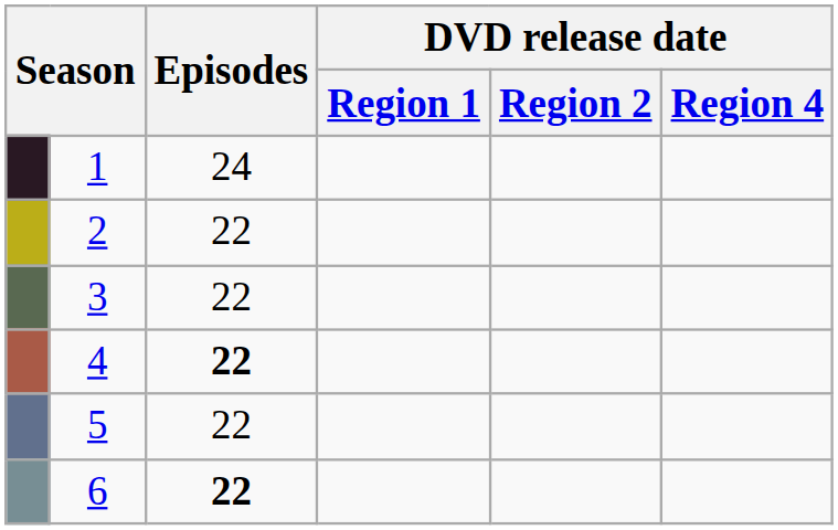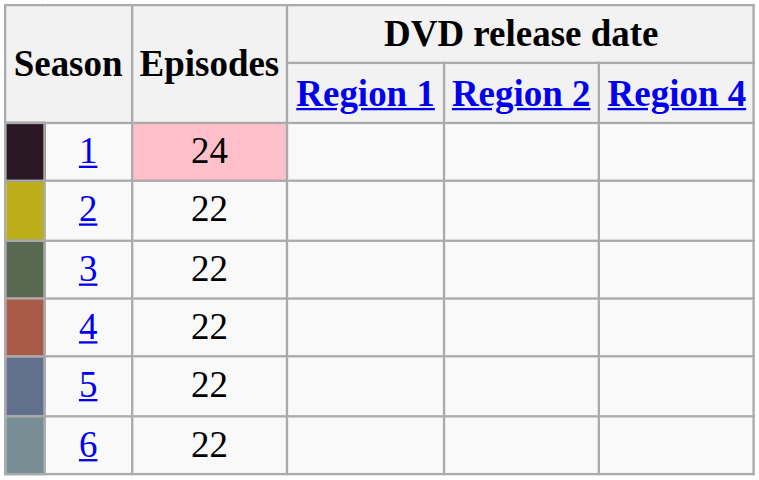 <table class="wikitable" style="text-align: center">
 <tr>
 <th colspan="2" rowspan="2">Season</th>
 <th rowspan="2">Episodes</th>
 <th colspan="4">DVD release date</th>
 </tr>
 <tr>
 <th><a href='#'>Region 1</a></th>
 <th><a href='#'>Region 2</a></th>
 <th><a href='#'>Region 4</a></th>
 </tr>
 <tr>
 <td style="width:10px; background-color:#291823"></td>
 <td><a href='#'>1</a></td>
-<td>24</td>
+<td style="background: pink;">24</td>
 <td><br> </td>
 <td></td>
 <td> <br> </td>
 </tr>
 <tr>
 <td style="width:10px; background-color:#BBAE18"></td>
 <td><a href='#'>2</a></td>
 <td>22</td>
 <td><br> </td>
 <td></td>
 <td> <br> </td>
 </tr>
 <tr>
 <td style="width:10px; background-color:#596951"></td>
 <td><a href='#'>3</a></td>
 <td>22</td>
 <td><br> </td>
 <td></td>
 <td> <br> </td>
 </tr>
 <tr>
 <td style="width:10px; background-color:#A95A47"></td>
 <td><a href='#'>4</a></td>
-<td><strong>22</strong></td>
+<td>22</td>
 <td><br> </td>
 <td></td>
 <td> <br> </td>
 </tr>
 <tr>
 <td style="width:10px; background-color:#61708D"></td>
 <td><a href='#'>5</a></td>
 <td>22</td>
 <td><br> </td>
 <td></td>
 <td> </td>
 </tr>
 <tr>
 <td style="width:10px; background-color:#778E94"></td>
 <td><a href='#'>6</a></td>
-<td><strong>22</strong></td>
+<td>22</td>
 <td><br> </td>
 <td></td>
 <td> </td>
 </tr>
 </table>
